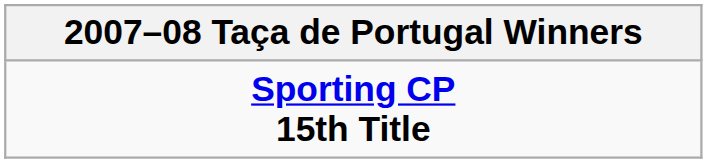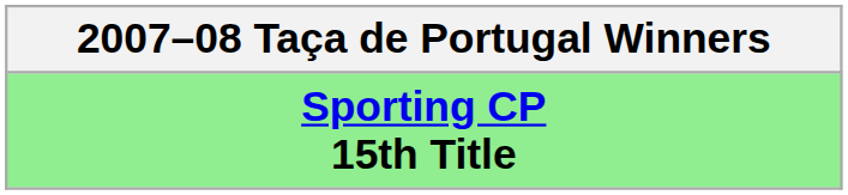 <table class="wikitable" style="text-align: center; margin: 0 auto; width: 20%">
 <tr>
 <th>2007–08 Taça de Portugal Winners</th>
 </tr>
 <tr>
-<td><strong><a href='#'>Sporting CP</a></strong><br><strong>15th Title</strong></td>
+<td style="background: lightgreen;"><strong><a href='#'>Sporting CP</a></strong><br><strong>15th Title</strong></td>
 </tr>
 </table>
